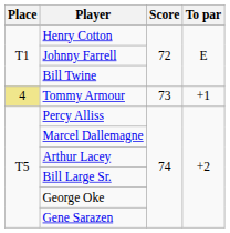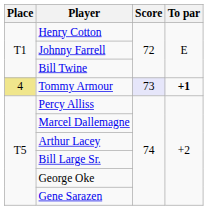 <table class=wikitable>
 <tr>
 <th>Place</th>
 <th>Player</th>
 <th>Score</th>
 <th>To par</th>
 </tr>
 <tr>
 <td rowspan=3 align=center>T1</td>
 <td> <a href='#'>Henry Cotton</a></td>
 <td rowspan=3 align=center>72</td>
 <td rowspan=3 align=center>E</td>
 </tr>
 <tr>
 <td> <a href='#'>Johnny Farrell</a></td>
 </tr>
 <tr>
 <td> <a href='#'>Bill Twine</a></td>
 </tr>
 <tr>
 <td align=center style="background: khaki;">4</td>
 <td> <a href='#'>Tommy Armour</a></td>
-<td align=center>73</td>
-<td align=center>+1</td>
+<td align=center style="background: lavender;">73</td>
+<td align=center><strong>+1</strong></td>
 </tr>
 <tr>
 <td rowspan=6 align=center>T5</td>
 <td> <a href='#'>Percy Alliss</a></td>
 <td rowspan=6 align=center>74</td>
 <td rowspan=6 align=center>+2</td>
 </tr>
 <tr>
 <td> <a href='#'>Marcel Dallemagne</a></td>
 </tr>
 <tr>
 <td> <a href='#'>Arthur Lacey</a></td>
 </tr>
 <tr>
 <td> <a href='#'>Bill Large Sr.</a></td>
 </tr>
 <tr>
 <td> George Oke</td>
 </tr>
 <tr>
 <td> <a href='#'>Gene Sarazen</a></td>
 </tr>
 </table>
